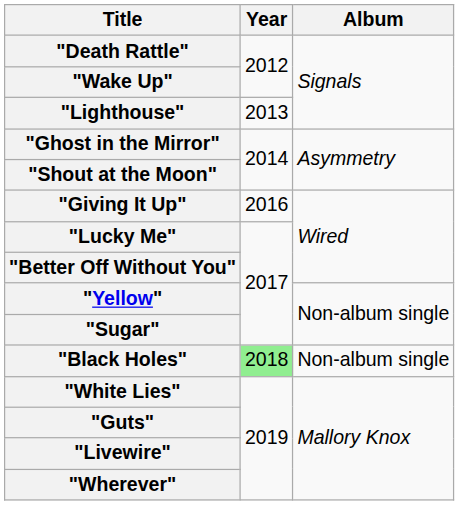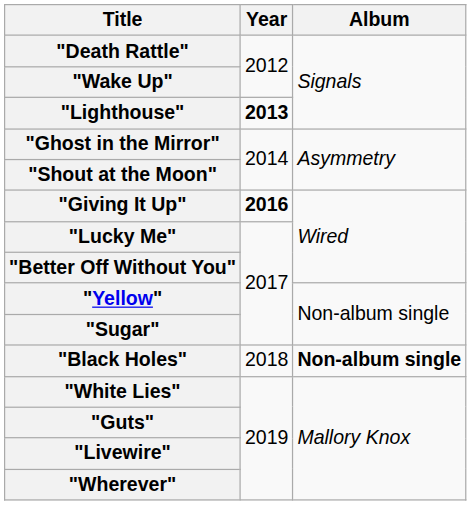 <table class="wikitable plainrowheaders">
 <tr>
 <th>Title</th>
 <th>Year</th>
 <th>Album</th>
 </tr>
 <tr>
 <th scope="row">"Death Rattle"</th>
 <td rowspan=2>2012</td>
 <td rowspan=3><em>Signals</em></td>
 </tr>
 <tr>
 <th scope="row">"Wake Up"</th>
 </tr>
 <tr>
 <th scope="row">"Lighthouse"</th>
-<td>2013</td>
+<td><strong>2013</strong></td>
 </tr>
 <tr>
 <th scope="row">"Ghost in the Mirror"</th>
 <td rowspan=2>2014</td>
 <td rowspan=2><em>Asymmetry</em></td>
 </tr>
 <tr>
 <th scope="row">"Shout at the Moon"</th>
 </tr>
 <tr>
 <th scope="row">"Giving It Up"</th>
-<td>2016</td>
+<td><strong>2016</strong></td>
 <td rowspan=3><em>Wired</em></td>
 </tr>
 <tr>
 <th scope="row">"Lucky Me"</th>
 <td rowspan=4>2017</td>
 </tr>
 <tr>
 <th scope="row">"Better Off Without You"</th>
 </tr>
 <tr>
 <th scope="row">"<a href='#'>Yellow</a>"</th>
 <td rowspan=2>Non-album single</td>
 </tr>
 <tr>
 <th scope="row">"Sugar"</th>
 </tr>
 <tr>
 <th scope="row">"Black Holes"</th>
-<td style="background: lightgreen;">2018</td>
-<td>Non-album single</td>
+<td>2018</td>
+<td><strong>Non-album single</strong></td>
 </tr>
 <tr>
 <th scope="row">"White Lies"</th>
 <td rowspan="4">2019</td>
 <td rowspan="4"><em>Mallory Knox</em></td>
 </tr>
 <tr>
 <th scope="row">"Guts"</th>
 </tr>
 <tr>
 <th scope="row">"Livewire"</th>
 </tr>
 <tr>
 <th scope="row">"Wherever"</th>
 </tr>
 </table>
